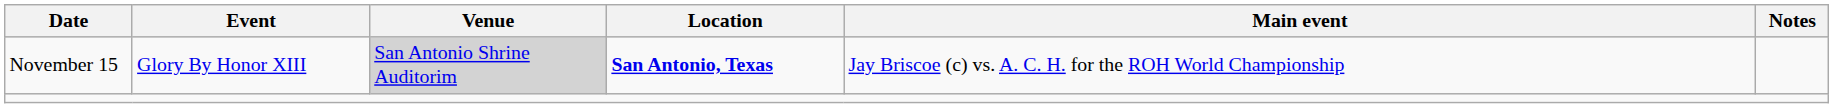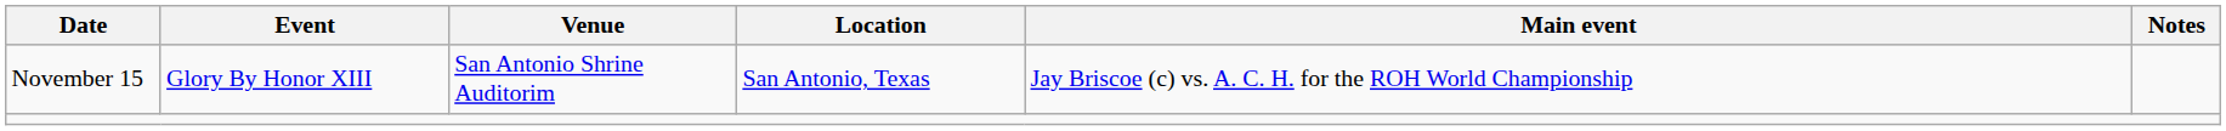 <table class="sortable wikitable succession-box" style="font-size:85%;">
 <tr>
 <th width=7%>Date</th>
 <th width=13%>Event</th>
 <th width=13%>Venue</th>
 <th width=13%>Location</th>
 <th width=50%>Main event</th>
 <th width=13%>Notes</th>
 </tr>
 <tr>
 <td>November 15</td>
 <td><a href='#'>Glory By Honor XIII</a></td>
-<td style="background: lightgrey;"><a href='#'>San Antonio Shrine Auditorim</a></td>
-<td><strong><a href='#'>San Antonio, Texas</a></strong></td>
+<td><a href='#'>San Antonio Shrine Auditorim</a></td>
+<td><a href='#'>San Antonio, Texas</a></td>
 <td><a href='#'>Jay Briscoe</a> (c) vs. <a href='#'>A. C. H.</a> for the <a href='#'>ROH World Championship</a></td>
 <td></td>
 </tr>
 <tr>
 <td colspan="6"></td>
 </tr>
 </table>
